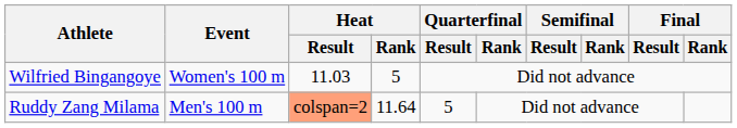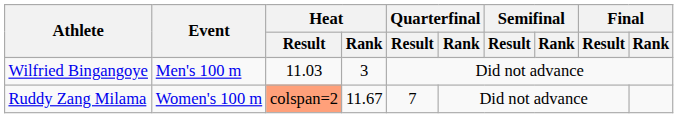 <table class="wikitable" style="font-size:90%">
 <tr>
 <th rowspan="2">Athlete</th>
 <th rowspan="2">Event</th>
 <th colspan="2">Heat</th>
 <th colspan="2">Quarterfinal</th>
 <th colspan="2">Semifinal</th>
 <th colspan="2">Final</th>
 </tr>
 <tr style="font-size:95%">
 <th>Result</th>
 <th>Rank</th>
 <th>Result</th>
 <th>Rank</th>
 <th>Result</th>
 <th>Rank</th>
 <th>Result</th>
 <th>Rank</th>
 </tr>
 <tr align=center>
 <td align=left><a href='#'>Wilfried Bingangoye</a></td>
-<td align=left><a href='#'>Women's 100 m</a></td>
+<td align=left><a href='#'>Men's 100 m</a></td>
 <td>11.03</td>
-<td>5</td>
+<td>3</td>
 <td colspan=6>Did not advance</td>
 </tr>
 <tr align=center>
 <td align=left><a href='#'>Ruddy Zang Milama</a></td>
-<td align=left><a href='#'>Men's 100 m</a></td>
+<td align=left><a href='#'>Women's 100 m</a></td>
 <td style="background: lightsalmon;">colspan=2 </td>
-<td>11.64</td>
-<td>5</td>
+<td>11.67</td>
+<td>7</td>
 <td colspan=4>Did not advance</td>
 </tr>
 </table>
